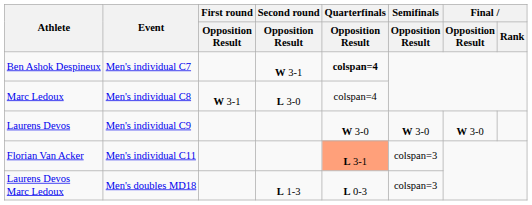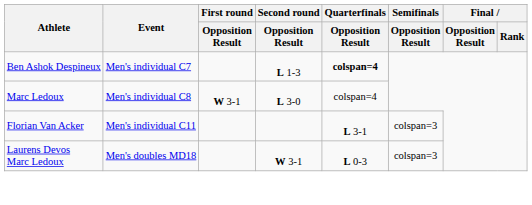 <table class=wikitable style="font-size:90%">
 <tr align=center>
 <th rowspan="2">Athlete</th>
 <th rowspan="2">Event</th>
 <th>First round</th>
 <th>Second round</th>
 <th>Quarterfinals</th>
 <th>Semifinals</th>
 <th colspan="2">Final / </th>
 </tr>
 <tr>
 <th>Opposition<br>Result</th>
 <th>Opposition<br>Result</th>
 <th>Opposition<br>Result</th>
 <th>Opposition<br>Result</th>
 <th>Opposition<br>Result</th>
 <th>Rank</th>
 </tr>
 <tr align=center>
 <td align=left><a href='#'>Ben Ashok Despineux</a></td>
 <td align=left><a href='#'>Men's individual C7</a></td>
 <td></td>
-<td><br><strong>W</strong> 3-1</td>
+<td><br><strong>L</strong> 1-3</td>
 <td><strong>colspan=4 </strong></td>
 </tr>
 <tr align=center>
 <td align=left><a href='#'>Marc Ledoux</a></td>
 <td align=left><a href='#'>Men's individual C8</a></td>
 <td><br><strong>W</strong> 3-1</td>
 <td><br><strong>L</strong> 3-0</td>
 <td>colspan=4 </td>
 </tr>
 <tr align=center>
-<td align=left><a href='#'>Laurens Devos</a></td>
-<td align=left><a href='#'>Men's individual C9</a></td>
-<td></td>
-<td></td>
-<td><br><strong>W</strong> 3-0</td>
-<td><br><strong>W</strong> 3-0</td>
-<td><br><strong>W</strong> 3-0</td>
-<td></td>
-</tr>
-<tr align=center>
 <td align=left><a href='#'>Florian Van Acker</a></td>
 <td align=left><a href='#'>Men's individual C11</a></td>
 <td></td>
 <td></td>
-<td style="background: lightsalmon;"><br><strong>L</strong> 3-1</td>
+<td><br><strong>L</strong> 3-1</td>
 <td>colspan=3 </td>
 </tr>
 <tr align=center>
 <td align=left><a href='#'>Laurens Devos</a><br><a href='#'>Marc Ledoux</a></td>
 <td align=left><a href='#'>Men's doubles MD18</a></td>
 <td></td>
-<td><br><strong>L</strong> 1-3</td>
+<td><br><strong>W</strong> 3-1</td>
 <td><br><strong>L</strong> 0-3</td>
 <td>colspan=3 </td>
 </tr>
 </table>
